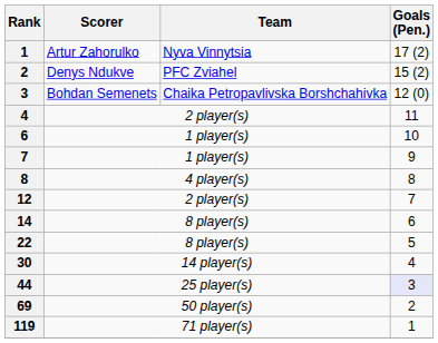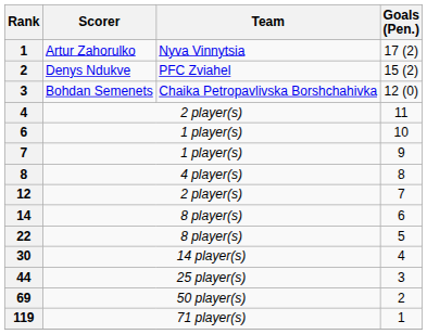 <table class="wikitable">
 <tr>
 <th>Rank</th>
 <th>Scorer</th>
 <th>Team</th>
 <th>Goals<br>(Pen.)</th>
 </tr>
 <tr>
 <th align=center rowspan=1>1</th>
 <td> <a href='#'>Artur Zahorulko</a></td>
 <td><a href='#'>Nyva Vinnytsia</a></td>
 <td align=center>17 (2)</td>
 </tr>
 <tr>
 <th align=center rowspan=1>2</th>
 <td> <a href='#'>Denys Ndukve</a></td>
 <td><a href='#'>PFC Zviahel</a></td>
 <td align=center>15 (2)</td>
 </tr>
 <tr>
 <th align=center rowspan=1>3</th>
 <td> <a href='#'>Bohdan Semenets</a></td>
 <td><a href='#'>Chaika Petropavlivska Borshchahivka</a></td>
 <td align=center>12 (0)</td>
 </tr>
 <tr>
 <th align=center rowspan=1>4</th>
 <td colspan=2 align=center><em>2 player(s)</em></td>
 <td align=center>11</td>
 </tr>
 <tr>
 <th align=center rowspan=1>6</th>
 <td colspan=2 align=center><em>1 player(s)</em></td>
 <td align=center>10</td>
 </tr>
 <tr>
 <th align=center rowspan=1>7</th>
 <td colspan=2 align=center><em>1 player(s)</em></td>
 <td align=center>9</td>
 </tr>
 <tr>
 <th align=center rowspan=1>8</th>
 <td colspan=2 align=center><em>4 player(s)</em></td>
 <td align=center>8</td>
 </tr>
 <tr>
 <th align=center rowspan=1>12</th>
 <td colspan=2 align=center><em>2 player(s)</em></td>
 <td align=center>7</td>
 </tr>
 <tr>
 <th align=center rowspan=1>14</th>
 <td colspan=2 align=center><em>8 player(s)</em></td>
 <td align=center>6</td>
 </tr>
 <tr>
 <th align=center rowspan=1>22</th>
 <td colspan=2 align=center><em>8 player(s)</em></td>
 <td align=center>5</td>
 </tr>
 <tr>
 <th align=center rowspan=1>30</th>
 <td colspan=2 align=center><em>14 player(s)</em></td>
 <td align=center>4</td>
 </tr>
 <tr>
 <th align=center rowspan=1>44</th>
 <td colspan=2 align=center><em>25 player(s)</em></td>
-<td align=center style="background: lavender;">3</td>
+<td align=center>3</td>
 </tr>
 <tr>
 <th align=center rowspan=1>69</th>
 <td colspan=2 align=center><em>50 player(s)</em></td>
 <td align=center>2</td>
 </tr>
 <tr>
 <th align=center rowspan=1>119</th>
 <td colspan=2 align=center><em>71 player(s)</em></td>
 <td align=center>1</td>
 </tr>
 <tr>
 </tr>
 <tr>
 </tr>
 </table>
